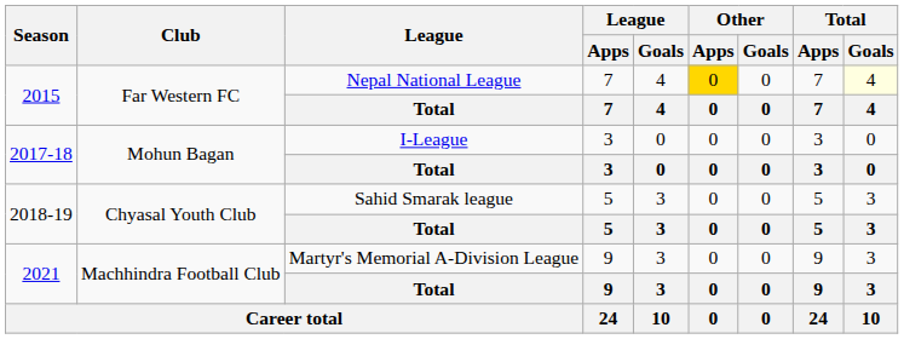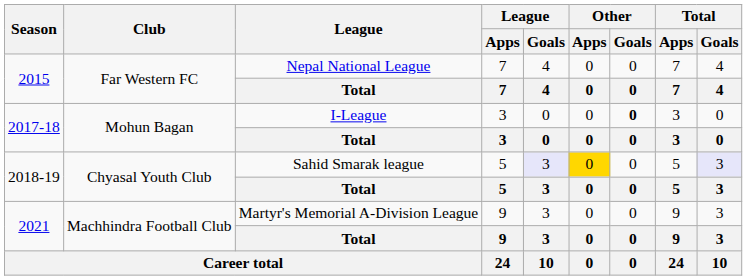 <table class="wikitable" style="text-align:center;">
 <tr>
 <th rowspan=2>Season</th>
 <th rowspan=2>Club</th>
 <th rowspan=2>League</th>
 <th colspan=2>League</th>
 <th colspan=2>Other</th>
 <th colspan=2>Total</th>
 </tr>
 <tr>
 <th>Apps</th>
 <th>Goals</th>
 <th>Apps</th>
 <th>Goals</th>
 <th>Apps</th>
 <th>Goals</th>
 </tr>
 <tr>
 <td rowspan=2><a href='#'>2015</a></td>
 <td rowspan=2>Far Western FC</td>
 <td><a href='#'>Nepal National League</a></td>
 <td>7</td>
 <td>4</td>
-<td style="background: gold;">0</td>
+<td>0</td>
 <td>0</td>
 <td>7</td>
-<td style="background: lightyellow;">4</td>
+<td>4</td>
 </tr>
 <tr>
 <th>Total</th>
 <th>7</th>
 <th>4</th>
 <th>0</th>
 <th>0</th>
 <th>7</th>
 <th>4</th>
 </tr>
 <tr>
 <td rowspan="2"><a href='#'>2017-18</a></td>
 <td rowspan="2">Mohun Bagan</td>
 <td><a href='#'>I-League</a></td>
 <td>3</td>
 <td>0</td>
 <td>0</td>
-<td>0</td>
+<td><strong>0</strong></td>
 <td>3</td>
 <td>0</td>
 </tr>
 <tr>
 <th>Total</th>
 <th>3</th>
 <th>0</th>
 <th>0</th>
 <th>0</th>
 <th>3</th>
 <th>0</th>
 </tr>
 <tr>
 <td rowspan="2">2018-19</td>
 <td rowspan="2">Chyasal Youth Club</td>
 <td>Sahid Smarak league</td>
 <td>5</td>
-<td>3</td>
-<td>0</td>
+<td style="background: lavender;">3</td>
+<td style="background: gold;">0</td>
 <td>0</td>
 <td>5</td>
-<td>3</td>
+<td style="background: lavender;">3</td>
 </tr>
 <tr>
 <th>Total</th>
 <th>5</th>
 <th>3</th>
 <th>0</th>
 <th>0</th>
 <th>5</th>
 <th>3</th>
 </tr>
 <tr>
 <td rowspan="2"><a href='#'>2021</a></td>
 <td rowspan="2">Machhindra Football Club</td>
 <td>Martyr's Memorial A-Division League</td>
 <td>9</td>
 <td>3</td>
 <td>0</td>
 <td>0</td>
 <td>9</td>
 <td>3</td>
 </tr>
 <tr>
 <th>Total</th>
 <th>9</th>
 <th>3</th>
 <th>0</th>
 <th>0</th>
 <th>9</th>
 <th>3</th>
 </tr>
 <tr>
 <th colspan="3">Career total</th>
 <th>24</th>
 <th>10</th>
 <th>0</th>
 <th>0</th>
 <th>24</th>
 <th>10</th>
 </tr>
 </table>
